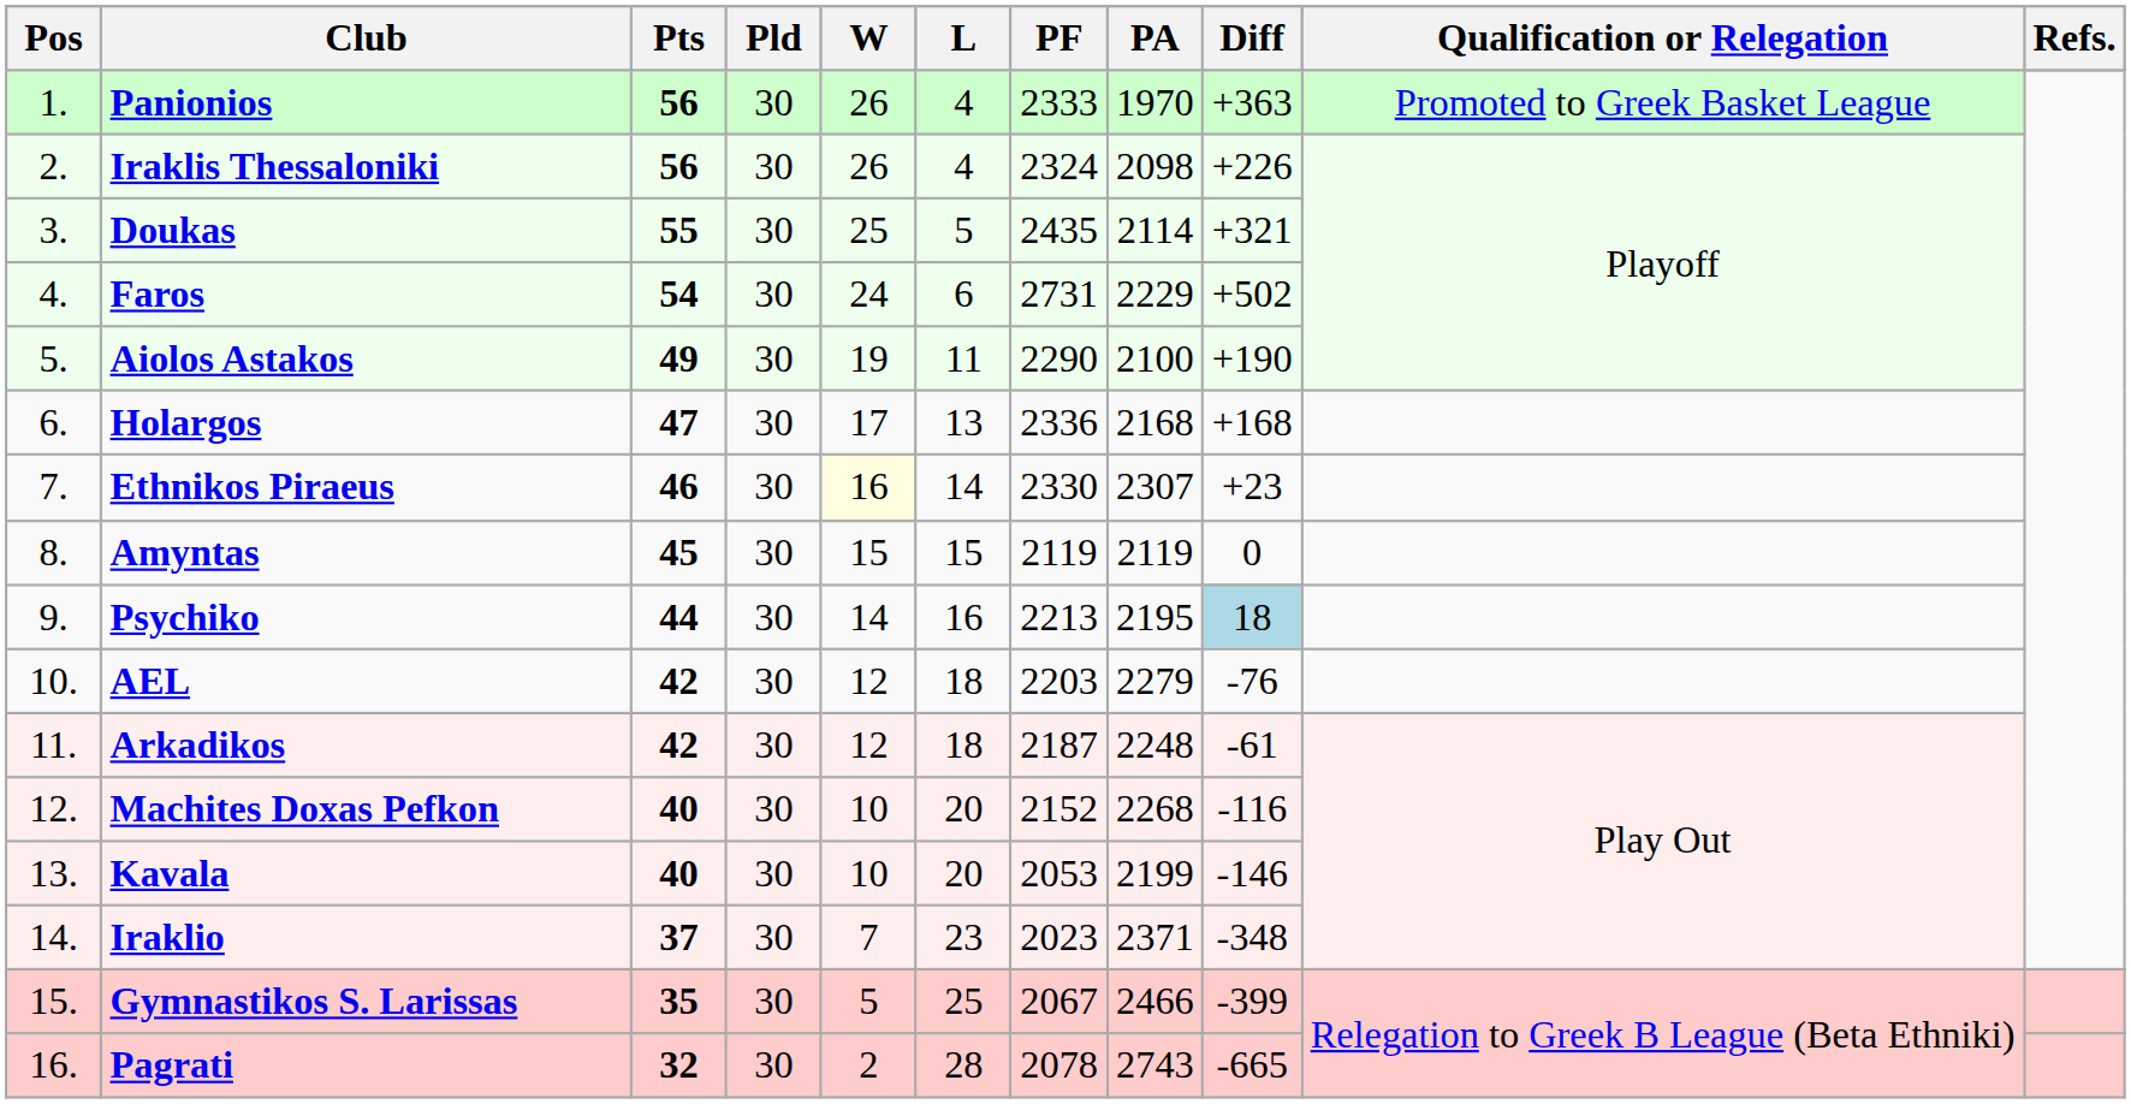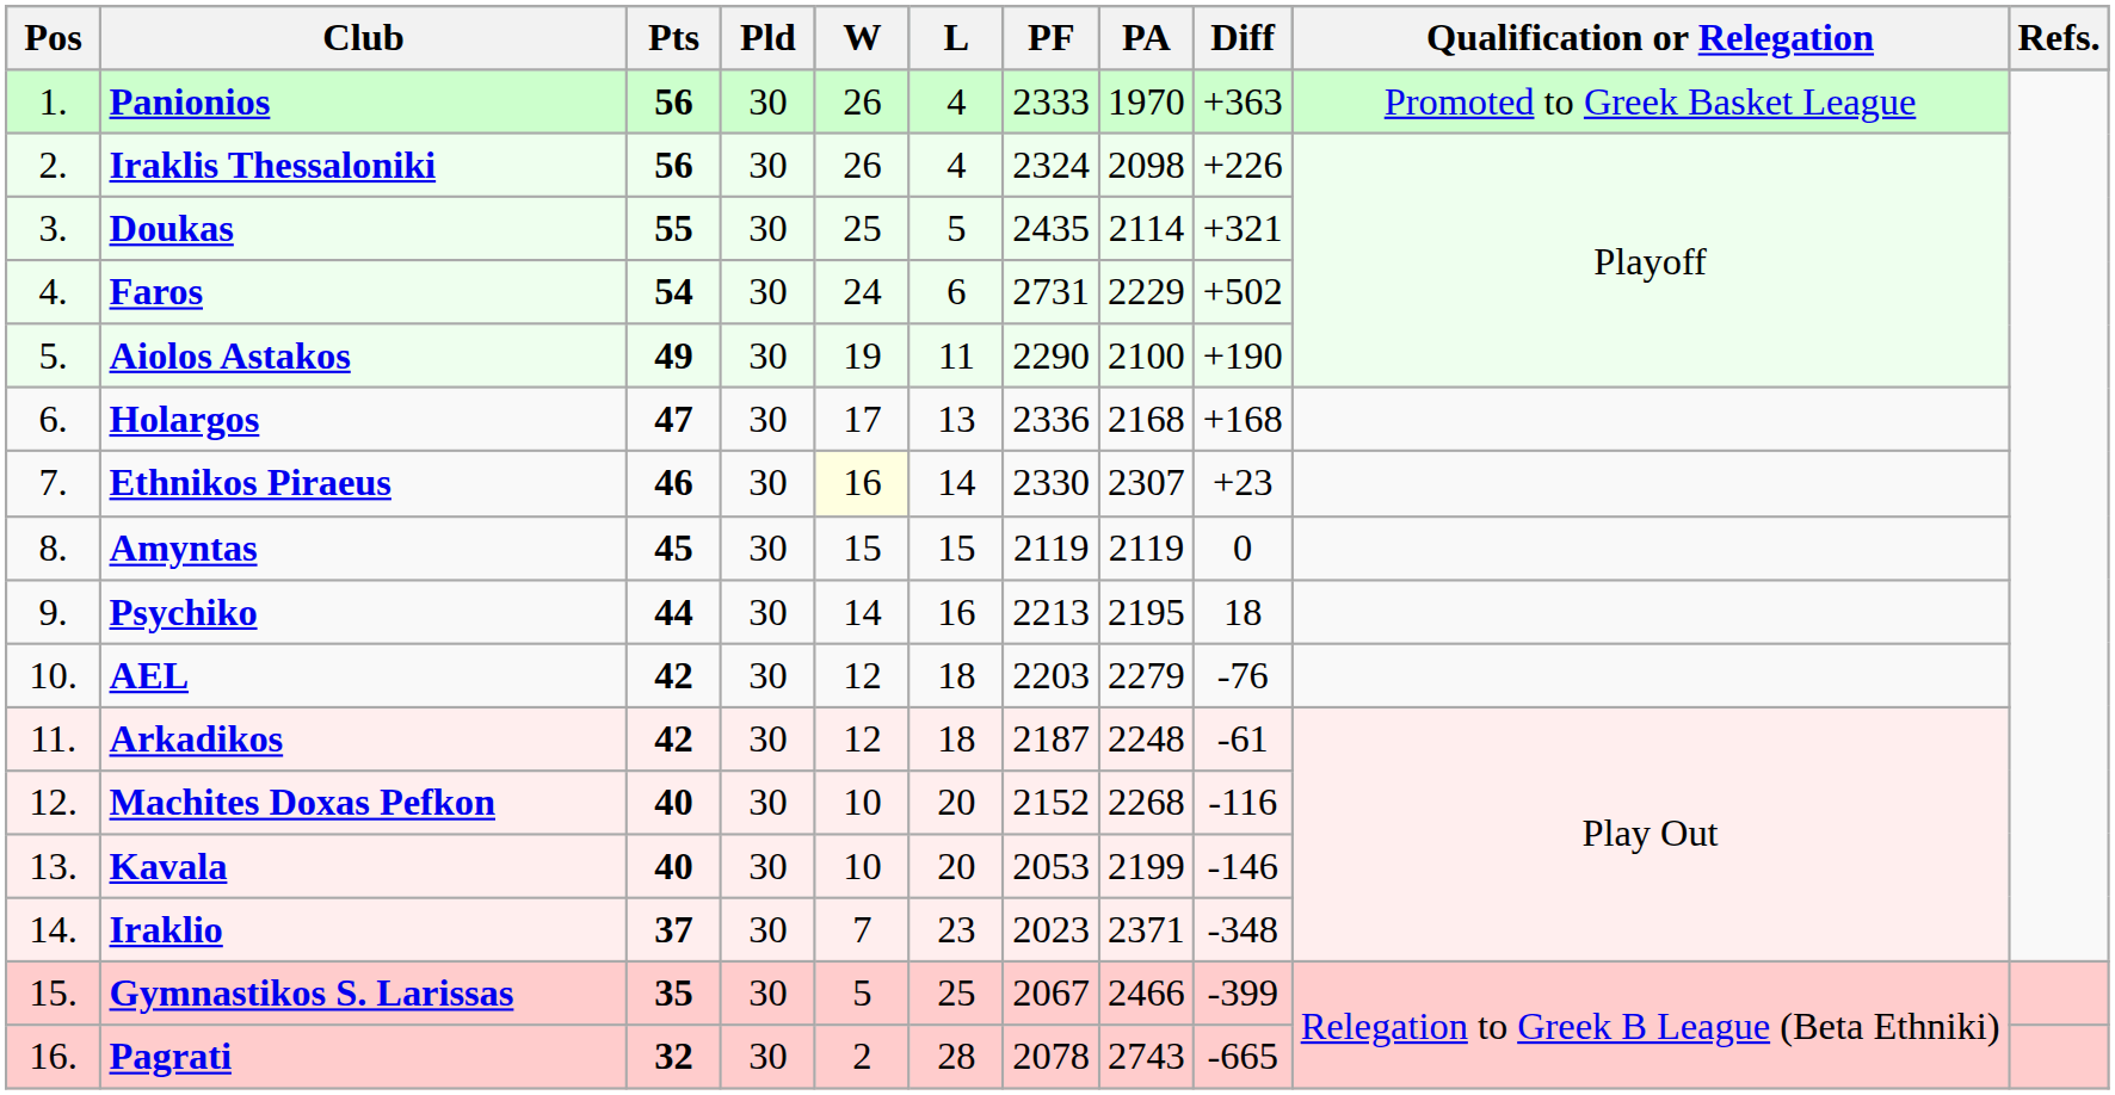 <table class="wikitable" style="text-align: center; font-size:95%">
 <tr bgcolor=2f4f4f>
 <th width=30><div> Pos</div></th>
 <th width=200><div> Club</div></th>
 <th width=30><div> Pts</div></th>
 <th width=30><div> Pld</div></th>
 <th width=30><div> W</div></th>
 <th width=30><div> L</div></th>
 <th width=30><div> PF</div></th>
 <th width=30><div> PA</div></th>
 <th width=30><div> Diff</div></th>
 <th>Qualification or <a href='#'>Relegation</a></th>
 <th>Refs.</th>
 </tr>
 <tr style="background:#cfc;">
 <td>1.</td>
 <td align="left"><strong><a href='#'>Panionios</a></strong></td>
 <td><strong>56</strong></td>
 <td>30</td>
 <td>26</td>
 <td>4</td>
 <td>2333</td>
 <td>1970</td>
 <td>+363</td>
 <td><a href='#'>Promoted</a> to <a href='#'>Greek Basket League</a></td>
 </tr>
 <tr style="background: #eeFFee;">
 <td>2.</td>
 <td align="left"><strong><a href='#'>Iraklis Thessaloniki</a></strong></td>
 <td><strong>56</strong></td>
 <td>30</td>
 <td>26</td>
 <td>4</td>
 <td>2324</td>
 <td>2098</td>
 <td>+226</td>
 <td rowspan="4">Playoff</td>
 </tr>
 <tr style="background: #eeFFee;">
 <td>3.</td>
 <td align="left"><strong><a href='#'>Doukas</a></strong></td>
 <td><strong>55</strong></td>
 <td>30</td>
 <td>25</td>
 <td>5</td>
 <td>2435</td>
 <td>2114</td>
 <td>+321</td>
 </tr>
 <tr style="background: #eeFFee;">
 <td>4.</td>
 <td align="left"><strong><a href='#'>Faros</a></strong></td>
 <td><strong>54</strong></td>
 <td>30</td>
 <td>24</td>
 <td>6</td>
 <td>2731</td>
 <td>2229</td>
 <td>+502</td>
 </tr>
 <tr style="background: #eeFFee;">
 <td>5.</td>
 <td align="left"><strong> <a href='#'>Aiolos Astakos</a></strong></td>
 <td><strong>49</strong></td>
 <td>30</td>
 <td>19</td>
 <td>11</td>
 <td>2290</td>
 <td>2100</td>
 <td>+190</td>
 </tr>
 <tr>
 <td>6.</td>
 <td align="left"><strong><a href='#'>Holargos</a></strong></td>
 <td><strong>47</strong></td>
 <td>30</td>
 <td>17</td>
 <td>13</td>
 <td>2336</td>
 <td>2168</td>
 <td>+168</td>
 <td></td>
 </tr>
 <tr>
 <td>7.</td>
 <td align="left"><strong><a href='#'>Ethnikos Piraeus</a></strong></td>
 <td><strong>46</strong></td>
 <td>30</td>
 <td style="background: lightyellow;">16</td>
 <td>14</td>
 <td>2330</td>
 <td>2307</td>
 <td>+23</td>
 <td></td>
 </tr>
 <tr>
 <td>8.</td>
 <td align="left"><strong><a href='#'>Amyntas</a></strong></td>
 <td><strong>45</strong></td>
 <td>30</td>
 <td>15</td>
 <td>15</td>
 <td>2119</td>
 <td>2119</td>
 <td>0</td>
 <td></td>
 </tr>
 <tr>
 <td>9.</td>
 <td align="left"><strong><a href='#'>Psychiko</a></strong></td>
 <td><strong>44</strong></td>
 <td>30</td>
 <td>14</td>
 <td>16</td>
 <td>2213</td>
 <td>2195</td>
-<td style="background: lightblue;">18</td>
+<td>18</td>
 <td></td>
 </tr>
 <tr>
 <td>10.</td>
 <td align="left"><strong><a href='#'>AEL</a></strong></td>
 <td><strong>42</strong></td>
 <td>30</td>
 <td>12</td>
 <td>18</td>
 <td>2203</td>
 <td>2279</td>
 <td>-76</td>
 <td></td>
 </tr>
 <tr style="background:#fee;">
 <td>11.</td>
 <td align="left"><strong><a href='#'>Arkadikos</a></strong></td>
 <td><strong>42</strong></td>
 <td>30</td>
 <td>12</td>
 <td>18</td>
 <td>2187</td>
 <td>2248</td>
 <td>-61</td>
 <td rowspan="4">Play Out</td>
 </tr>
 <tr style="background:#fee;">
 <td>12.</td>
 <td align="left"><strong><a href='#'>Machites Doxas Pefkon</a></strong></td>
 <td><strong>40</strong></td>
 <td>30</td>
 <td>10</td>
 <td>20</td>
 <td>2152</td>
 <td>2268</td>
 <td>-116</td>
 </tr>
 <tr style="background:#fee;">
 <td>13.</td>
 <td align="left"><strong><a href='#'>Kavala</a></strong></td>
 <td><strong>40</strong></td>
 <td>30</td>
 <td>10</td>
 <td>20</td>
 <td>2053</td>
 <td>2199</td>
 <td>-146</td>
 </tr>
 <tr style="background:#fee;">
 <td>14.</td>
 <td align="left"><strong><a href='#'>Iraklio</a></strong></td>
 <td><strong>37</strong></td>
 <td>30</td>
 <td>7</td>
 <td>23</td>
 <td>2023</td>
 <td>2371</td>
 <td>-348</td>
 </tr>
 <tr style="background:#fcc;">
 <td>15.</td>
 <td align="left"><strong><a href='#'>Gymnastikos S. Larissas</a></strong></td>
 <td><strong>35</strong></td>
 <td>30</td>
 <td>5</td>
 <td>25</td>
 <td>2067</td>
 <td>2466</td>
 <td>-399</td>
 <td rowspan="2"><a href='#'>Relegation</a> to <a href='#'>Greek B League</a> (Beta Ethniki)</td>
 <td></td>
 </tr>
 <tr style="background:#fcc;">
 <td>16.</td>
 <td align="left"><strong><a href='#'>Pagrati</a></strong></td>
 <td><strong>32</strong></td>
 <td>30</td>
 <td>2</td>
 <td>28</td>
 <td>2078</td>
 <td>2743</td>
 <td>-665</td>
 <td></td>
 </tr>
 </table>
